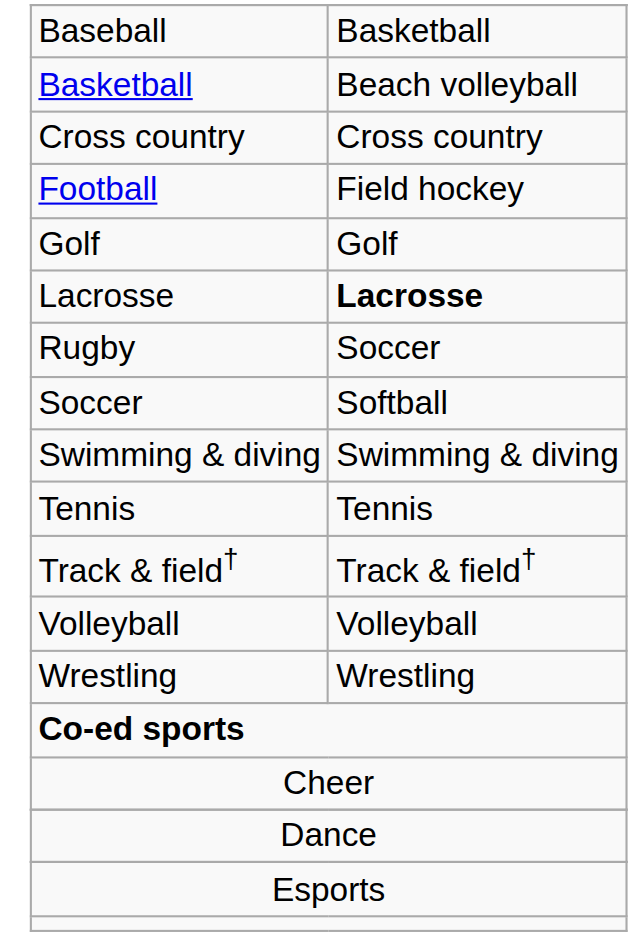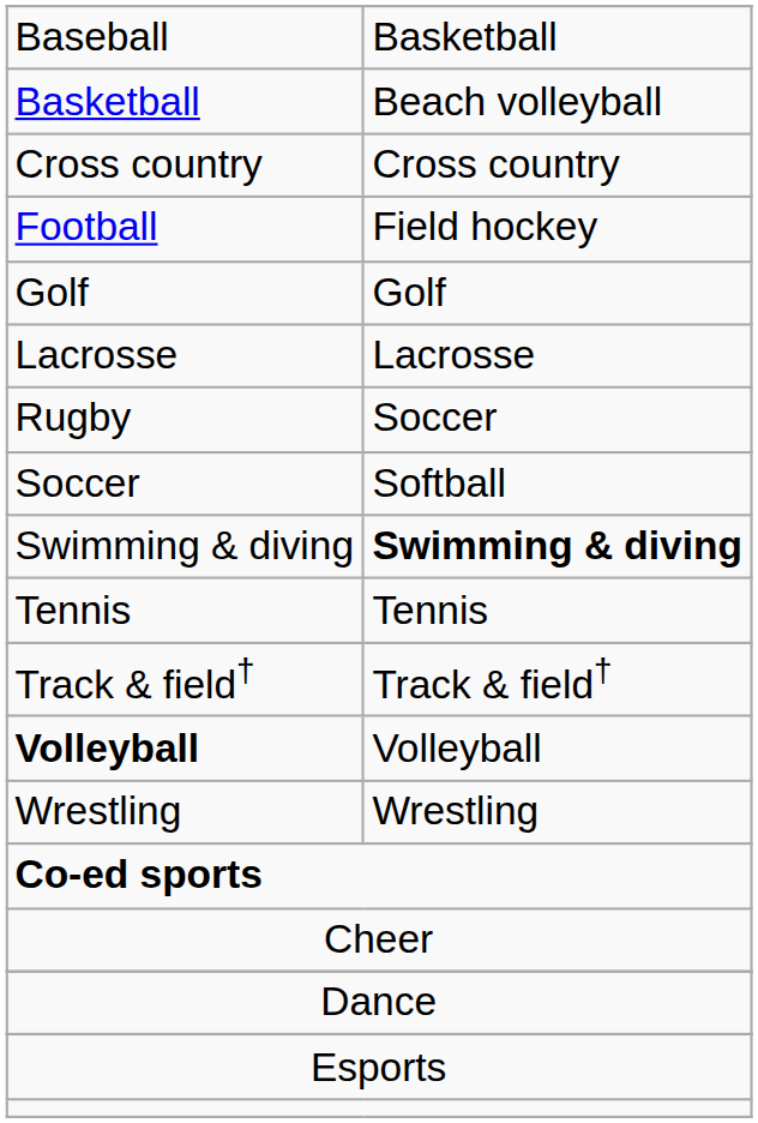 <table class="wikitable" style="float:right; clear:right; margin:0 0 1em 1em;">
 <tr>
 </tr>
 <tr>
 <td>Baseball</td>
 <td>Basketball</td>
 </tr>
 <tr>
 <td><a href='#'>Basketball</a></td>
 <td>Beach volleyball</td>
 </tr>
 <tr>
 <td>Cross country</td>
 <td>Cross country</td>
 </tr>
 <tr>
 <td><a href='#'>Football</a></td>
 <td>Field hockey</td>
 </tr>
 <tr>
 <td>Golf</td>
 <td>Golf</td>
 </tr>
 <tr>
 <td>Lacrosse</td>
-<td><strong>Lacrosse</strong></td>
+<td>Lacrosse</td>
 </tr>
 <tr>
 <td>Rugby</td>
 <td>Soccer</td>
 </tr>
 <tr>
 <td>Soccer</td>
 <td>Softball</td>
 </tr>
 <tr>
 <td>Swimming & diving</td>
-<td>Swimming & diving</td>
+<td><strong>Swimming & diving</strong></td>
 </tr>
 <tr>
 <td>Tennis</td>
 <td>Tennis</td>
 </tr>
 <tr>
 <td>Track & field<sup>†</sup></td>
 <td>Track & field<sup>†</sup></td>
 </tr>
 <tr>
-<td>Volleyball</td>
+<td><strong>Volleyball</strong></td>
 <td>Volleyball</td>
 </tr>
 <tr>
 <td>Wrestling</td>
 <td>Wrestling</td>
 </tr>
 <tr>
 <td colspan="2"><strong>Co-ed sports</strong></td>
 </tr>
 <tr style="text-align:center">
 <td colspan="2">Cheer</td>
 </tr>
 <tr>
 </tr>
 <tr style="text-align:center">
 <td colspan="2">Dance</td>
 </tr>
 <tr>
 </tr>
 <tr style="text-align:center">
 <td colspan="2">Esports</td>
 </tr>
 <tr>
 <td colspan="2"></td>
 </tr>
 </table>
